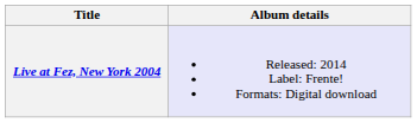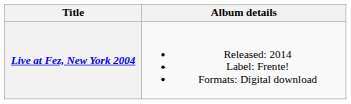 <table class="wikitable plainrowheaders" style="text-align:center;">
 <tr>
 <th scope="col" style="width:12em;">Title</th>
 <th scope="col" style="width:18em;">Album details</th>
 </tr>
 <tr>
 <th scope="row"><em><a href='#'>Live at Fez, New York 2004</a></em></th>
-<td style="background: lavender;"><br><ul><li>Released: 2014</li><li>Label: Frente!</li><li>Formats: Digital download</li></ul></td>
+<td><br><ul><li>Released: 2014</li><li>Label: Frente!</li><li>Formats: Digital download</li></ul></td>
 </tr>
 </table>
